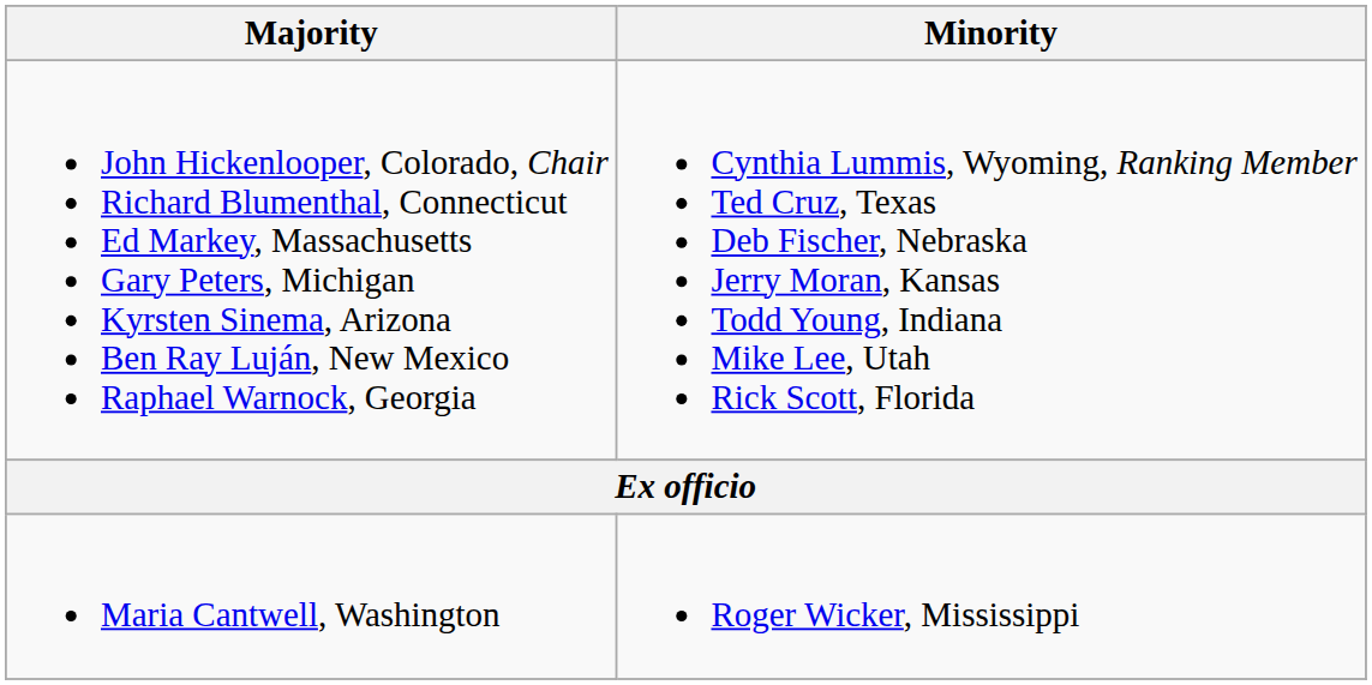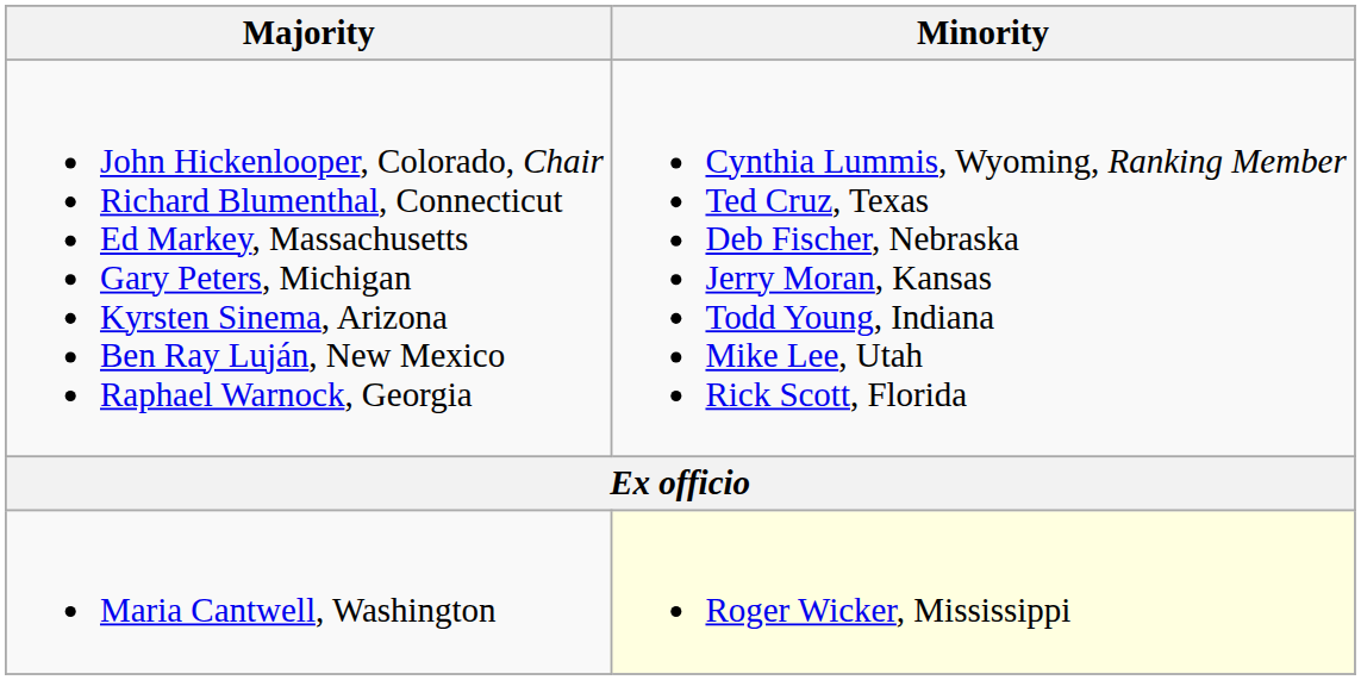 <table class=wikitable>
 <tr>
 <th>Majority</th>
 <th>Minority</th>
 </tr>
 <tr>
 <td><br><ul><li><a href='#'>John Hickenlooper</a>, Colorado, <em>Chair</em></li><li><a href='#'>Richard Blumenthal</a>, Connecticut</li><li><a href='#'>Ed Markey</a>, Massachusetts</li><li><a href='#'>Gary Peters</a>, Michigan</li><li><a href='#'>Kyrsten Sinema</a>, Arizona</li><li><a href='#'>Ben Ray Luján</a>, New Mexico</li><li><a href='#'>Raphael Warnock</a>, Georgia</li></ul></td>
 <td><br><ul><li><a href='#'>Cynthia Lummis</a>, Wyoming, <em>Ranking Member</em></li><li><a href='#'>Ted Cruz</a>, Texas</li><li><a href='#'>Deb Fischer</a>, Nebraska</li><li><a href='#'>Jerry Moran</a>, Kansas</li><li><a href='#'>Todd Young</a>, Indiana</li><li><a href='#'>Mike Lee</a>, Utah</li><li><a href='#'>Rick Scott</a>, Florida</li></ul></td>
 </tr>
 <tr>
 <th colspan=2><em>Ex officio</em></th>
 </tr>
 <tr>
 <td><br><ul><li><a href='#'>Maria Cantwell</a>, Washington</li></ul></td>
-<td><br><ul><li><a href='#'>Roger Wicker</a>, Mississippi</li></ul></td>
+<td style="background: lightyellow;"><br><ul><li><a href='#'>Roger Wicker</a>, Mississippi</li></ul></td>
 </tr>
 </table>
